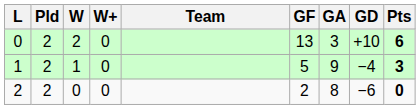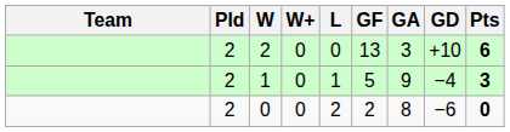 <table class="wikitable" style="text-align:center">
 <tr>
-<th width=20>L</th>
+<th width=165>Team</th>
 <th width=20>Pld</th>
 <th width=20>W</th>
 <th width=20>W+</th>
-<th width=165>Team</th>
+<th width=20>L</th>
 <th width=20>GF</th>
 <th width=20>GA</th>
 <th width=20>GD</th>
 <th width=20>Pts</th>
 </tr>
 <tr style="background:#ccffcc">
-<td>0</td>
+<td style="text-align:left"></td>
 <td>2</td>
 <td>2</td>
 <td>0</td>
-<td style="text-align:left"></td>
+<td>0</td>
 <td>13</td>
 <td>3</td>
 <td>+10</td>
 <td><strong>6</strong></td>
 </tr>
 <tr style="background:#ccffcc">
-<td>1</td>
+<td style="text-align:left"></td>
 <td>2</td>
 <td>1</td>
 <td>0</td>
-<td style="text-align:left"></td>
+<td>1</td>
 <td>5</td>
 <td>9</td>
 <td>−4</td>
 <td><strong>3</strong></td>
 </tr>
 <tr>
-<td>2</td>
+<td style="text-align:left"></td>
 <td>2</td>
 <td>0</td>
 <td>0</td>
-<td style="text-align:left"></td>
+<td>2</td>
 <td>2</td>
 <td>8</td>
 <td>−6</td>
 <td><strong>0</strong></td>
 </tr>
 </table>
